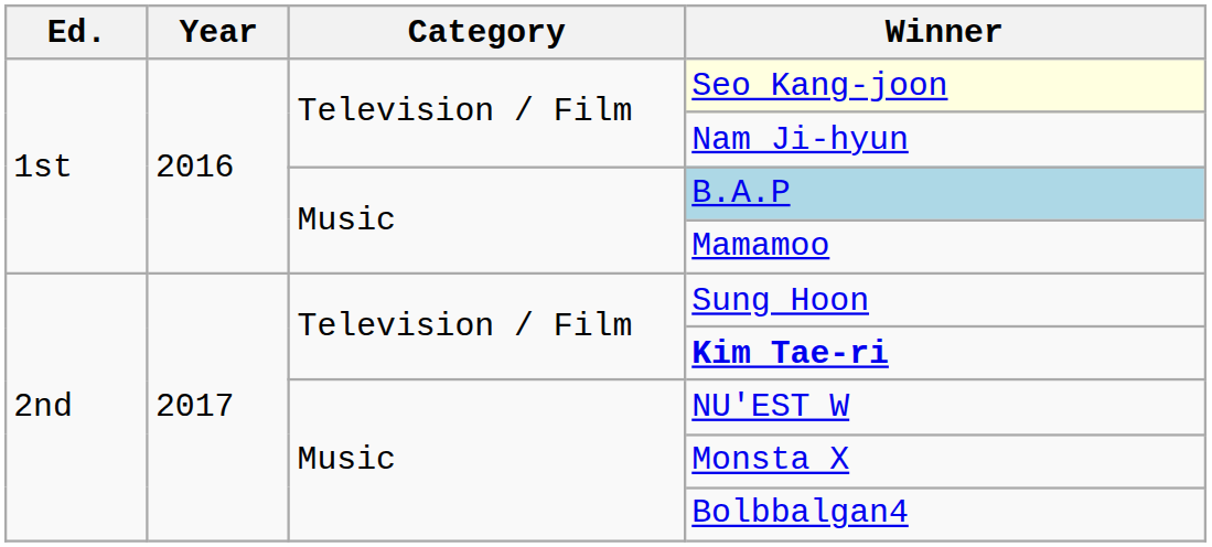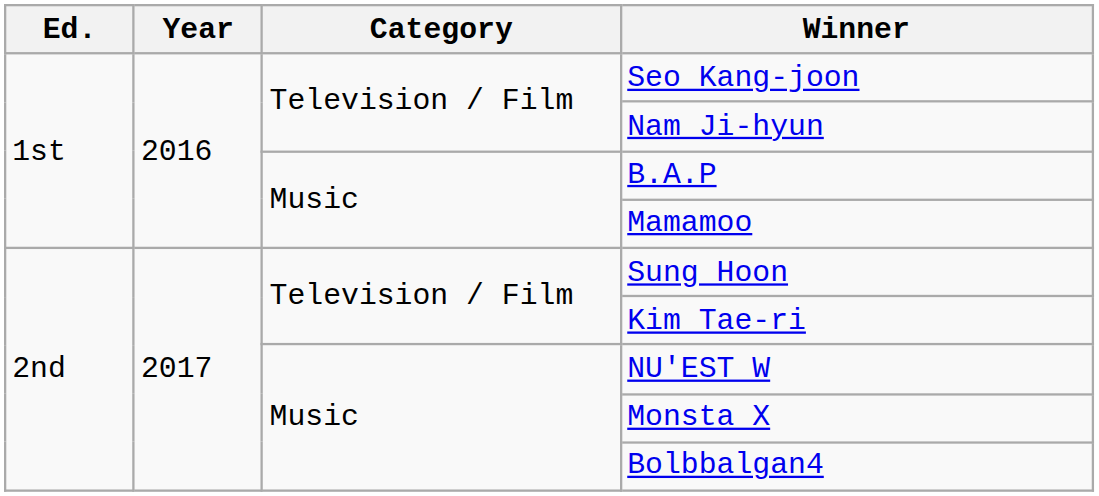 <table class="wikitable">
 <tr align=center>
 <th style="width:50px">Ed.</th>
 <th style="width:50px">Year</th>
 <th style="width:150px">Category</th>
 <th style="width:200px">Winner</th>
 </tr>
 <tr>
 <td rowspan="4">1st</td>
 <td rowspan="4">2016</td>
 <td rowspan="2">Television / Film</td>
-<td style="background: lightyellow;"><a href='#'>Seo Kang-joon</a></td>
+<td><a href='#'>Seo Kang-joon</a></td>
 </tr>
 <tr>
 <td><a href='#'>Nam Ji-hyun</a></td>
 </tr>
 <tr>
 <td rowspan="2">Music</td>
-<td style="background: lightblue;"><a href='#'>B.A.P</a></td>
+<td><a href='#'>B.A.P</a></td>
 </tr>
 <tr>
 <td><a href='#'>Mamamoo</a></td>
 </tr>
 <tr>
 <td rowspan="5">2nd</td>
 <td rowspan="5">2017</td>
 <td rowspan="2">Television / Film</td>
 <td><a href='#'>Sung Hoon</a></td>
 </tr>
 <tr>
-<td><strong><a href='#'>Kim Tae-ri</a></strong></td>
+<td><a href='#'>Kim Tae-ri</a></td>
 </tr>
 <tr>
 <td rowspan="3">Music</td>
 <td><a href='#'>NU'EST W</a></td>
 </tr>
 <tr>
 <td><a href='#'>Monsta X</a></td>
 </tr>
 <tr>
 <td><a href='#'>Bolbbalgan4</a></td>
 </tr>
 </table>
